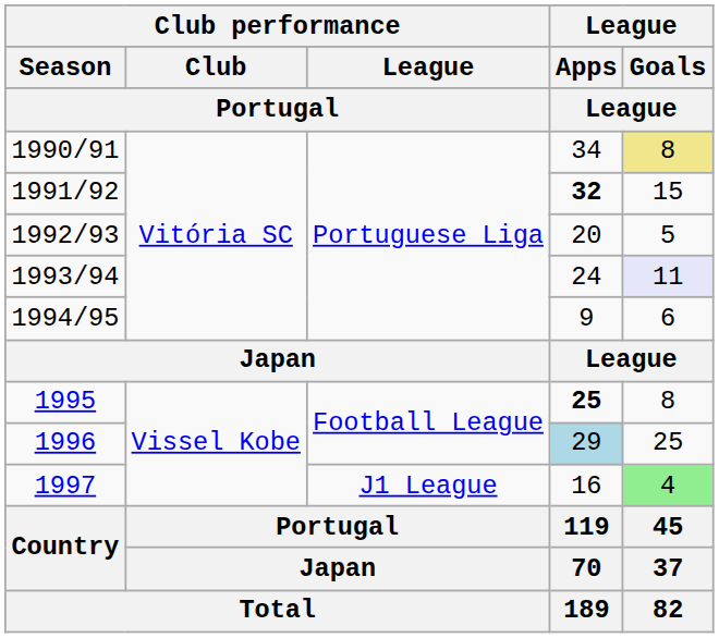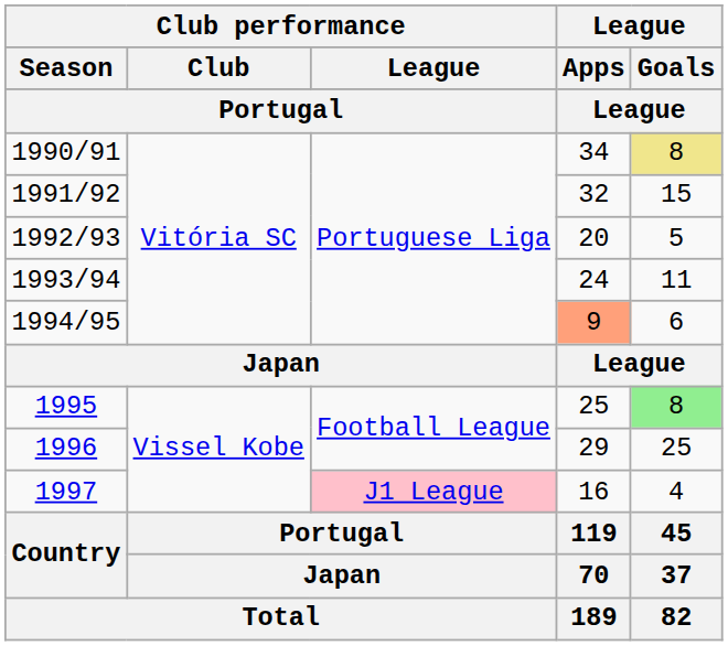 <table class="wikitable" style="text-align:center;">
 <tr>
 <th colspan=3>Club performance</th>
 <th colspan=2>League</th>
 </tr>
 <tr>
 <th>Season</th>
 <th>Club</th>
 <th>League</th>
 <th>Apps</th>
 <th>Goals</th>
 </tr>
 <tr>
 <th colspan=3>Portugal</th>
 <th colspan=2>League</th>
 </tr>
 <tr>
 <td>1990/91</td>
 <td rowspan="5"><a href='#'>Vitória SC</a></td>
 <td rowspan="5"><a href='#'>Portuguese Liga</a></td>
 <td>34</td>
 <td style="background: khaki;">8</td>
 </tr>
 <tr>
 <td>1991/92</td>
-<td><strong>32</strong></td>
+<td>32</td>
 <td>15</td>
 </tr>
 <tr>
 <td>1992/93</td>
 <td>20</td>
 <td>5</td>
 </tr>
 <tr>
 <td>1993/94</td>
 <td>24</td>
-<td style="background: lavender;">11</td>
+<td>11</td>
 </tr>
 <tr>
 <td>1994/95</td>
-<td>9</td>
+<td style="background: lightsalmon;">9</td>
 <td>6</td>
 </tr>
 <tr>
 <th colspan=3>Japan</th>
 <th colspan=2>League</th>
 </tr>
 <tr>
 <td><a href='#'>1995</a></td>
 <td rowspan="3"><a href='#'>Vissel Kobe</a></td>
 <td rowspan="2"><a href='#'>Football League</a></td>
-<td><strong>25</strong></td>
-<td>8</td>
+<td>25</td>
+<td style="background: lightgreen;">8</td>
 </tr>
 <tr>
 <td><a href='#'>1996</a></td>
-<td style="background: lightblue;">29</td>
+<td>29</td>
 <td>25</td>
 </tr>
 <tr>
 <td><a href='#'>1997</a></td>
-<td><a href='#'>J1 League</a></td>
+<td style="background: pink;"><a href='#'>J1 League</a></td>
 <td>16</td>
-<td style="background: lightgreen;">4</td>
+<td>4</td>
 </tr>
 <tr>
 <th rowspan=2>Country</th>
 <th colspan=2>Portugal</th>
 <th>119</th>
 <th>45</th>
 </tr>
 <tr>
 <th colspan=2>Japan</th>
 <th>70</th>
 <th>37</th>
 </tr>
 <tr>
 <th colspan=3>Total</th>
 <th>189</th>
 <th>82</th>
 </tr>
 </table>
